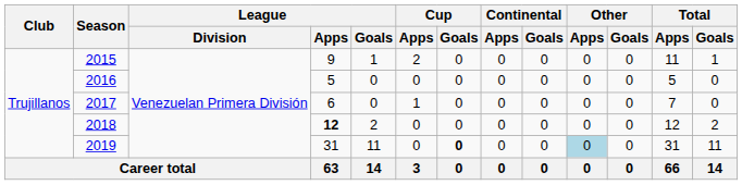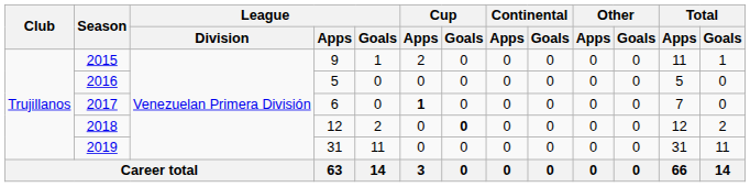 <table class="wikitable" style="text-align: center">
 <tr>
 <th rowspan="2">Club</th>
 <th rowspan="2">Season</th>
 <th colspan="3">League</th>
 <th colspan="2">Cup</th>
 <th colspan="2">Continental</th>
 <th colspan="2">Other</th>
 <th colspan="2">Total</th>
 </tr>
 <tr>
 <th>Division</th>
 <th>Apps</th>
 <th>Goals</th>
 <th>Apps</th>
 <th>Goals</th>
 <th>Apps</th>
 <th>Goals</th>
 <th>Apps</th>
 <th>Goals</th>
 <th>Apps</th>
 <th>Goals</th>
 </tr>
 <tr>
 <td rowspan="5"><a href='#'>Trujillanos</a></td>
 <td><a href='#'>2015</a></td>
 <td rowspan="5"><a href='#'>Venezuelan Primera División</a></td>
 <td>9</td>
 <td>1</td>
 <td>2</td>
 <td>0</td>
 <td>0</td>
 <td>0</td>
 <td>0</td>
 <td>0</td>
 <td>11</td>
 <td>1</td>
 </tr>
 <tr>
 <td><a href='#'>2016</a></td>
 <td>5</td>
 <td>0</td>
 <td>0</td>
 <td>0</td>
 <td>0</td>
 <td>0</td>
 <td>0</td>
 <td>0</td>
 <td>5</td>
 <td>0</td>
 </tr>
 <tr>
 <td><a href='#'>2017</a></td>
 <td>6</td>
 <td>0</td>
-<td>1</td>
+<td><strong>1</strong></td>
 <td>0</td>
 <td>0</td>
 <td>0</td>
 <td>0</td>
 <td>0</td>
 <td>7</td>
 <td>0</td>
 </tr>
 <tr>
 <td><a href='#'>2018</a></td>
-<td><strong>12</strong></td>
+<td>12</td>
 <td>2</td>
 <td>0</td>
-<td>0</td>
+<td><strong>0</strong></td>
 <td>0</td>
 <td>0</td>
 <td>0</td>
 <td>0</td>
 <td>12</td>
 <td>2</td>
 </tr>
 <tr>
 <td><a href='#'>2019</a></td>
 <td>31</td>
 <td>11</td>
 <td>0</td>
-<td><strong>0</strong></td>
 <td>0</td>
 <td>0</td>
-<td style="background: lightblue;">0</td>
+<td>0</td>
+<td>0</td>
 <td>0</td>
 <td>31</td>
 <td>11</td>
 </tr>
 <tr>
 <th colspan="3"><strong>Career total</strong></th>
 <th>63</th>
 <th>14</th>
 <th>3</th>
 <th>0</th>
 <th>0</th>
 <th>0</th>
 <th>0</th>
 <th>0</th>
 <th>66</th>
 <th>14</th>
 </tr>
 </table>
